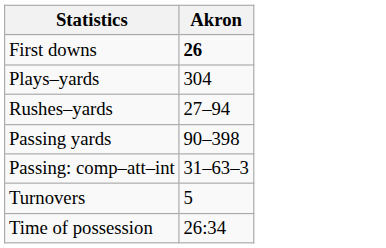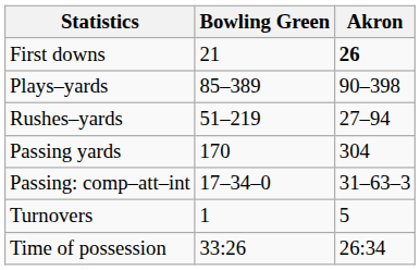 <table class="wikitable" style="float:left">
 <tr>
 <th>Statistics</th>
+<th>Bowling Green</th>
 <th>Akron</th>
 </tr>
 <tr>
 <td>First downs</td>
+<td>21</td>
 <td><strong>26</strong></td>
 </tr>
 <tr>
 <td>Plays–yards</td>
-<td>304</td>
+<td>85–389</td>
+<td>90–398</td>
 </tr>
 <tr>
 <td>Rushes–yards</td>
+<td>51–219</td>
 <td>27–94</td>
 </tr>
 <tr>
 <td>Passing yards</td>
-<td>90–398</td>
+<td>170</td>
+<td>304</td>
 </tr>
 <tr>
 <td>Passing: comp–att–int</td>
+<td>17–34–0</td>
 <td>31–63–3</td>
 </tr>
 <tr>
 <td>Turnovers</td>
+<td>1</td>
 <td>5</td>
 </tr>
 <tr>
 <td>Time of possession</td>
+<td>33:26</td>
 <td>26:34</td>
 </tr>
 </table>
